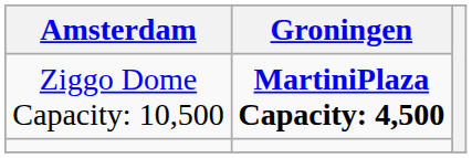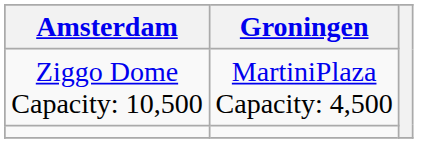 <table class="wikitable" style="text-align:center;">
 <tr>
 <th><a href='#'>Amsterdam</a></th>
 <th><a href='#'>Groningen</a></th>
 <th rowspan=9></th>
 </tr>
 <tr>
 <td><a href='#'>Ziggo Dome</a><br>Capacity: 10,500</td>
-<td><strong><a href='#'>MartiniPlaza</a><br>Capacity: 4,500</strong></td>
+<td><a href='#'>MartiniPlaza</a><br>Capacity: 4,500</td>
 </tr>
 <tr>
 <td></td>
 <td></td>
 </tr>
 </table>
